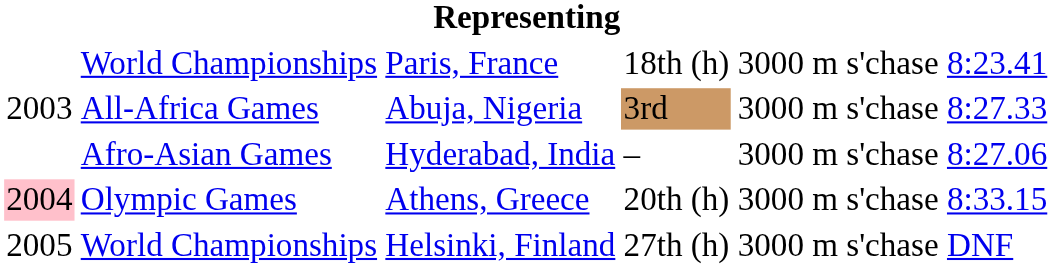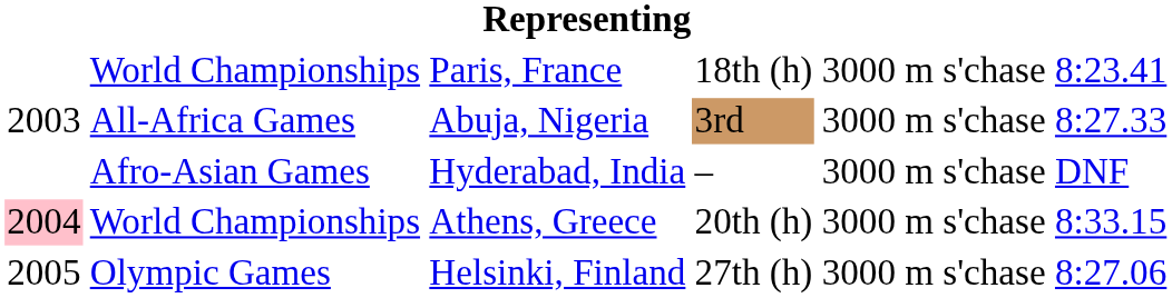 <table>
 <tr>
 <th colspan="6">Representing </th>
 </tr>
 <tr>
 <td rowspan=3>2003</td>
 <td><a href='#'>World Championships</a></td>
 <td><a href='#'>Paris, France</a></td>
 <td>18th (h)</td>
 <td>3000 m s'chase</td>
 <td><a href='#'>8:23.41</a></td>
 </tr>
 <tr>
 <td><a href='#'>All-Africa Games</a></td>
 <td><a href='#'>Abuja, Nigeria</a></td>
 <td bgcolor=cc9966>3rd</td>
 <td>3000 m s'chase</td>
 <td><a href='#'>8:27.33</a></td>
 </tr>
 <tr>
 <td><a href='#'>Afro-Asian Games</a></td>
 <td><a href='#'>Hyderabad, India</a></td>
 <td>–</td>
 <td>3000 m s'chase</td>
-<td><a href='#'>8:27.06</a></td>
+<td><a href='#'>DNF</a></td>
 </tr>
 <tr>
 <td style="background: pink;">2004</td>
-<td><a href='#'>Olympic Games</a></td>
+<td><a href='#'>World Championships</a></td>
 <td><a href='#'>Athens, Greece</a></td>
 <td>20th (h)</td>
 <td>3000 m s'chase</td>
 <td><a href='#'>8:33.15</a></td>
 </tr>
 <tr>
 <td>2005</td>
-<td><a href='#'>World Championships</a></td>
+<td><a href='#'>Olympic Games</a></td>
 <td><a href='#'>Helsinki, Finland</a></td>
 <td>27th (h)</td>
 <td>3000 m s'chase</td>
-<td><a href='#'>DNF</a></td>
+<td><a href='#'>8:27.06</a></td>
 </tr>
 </table>
